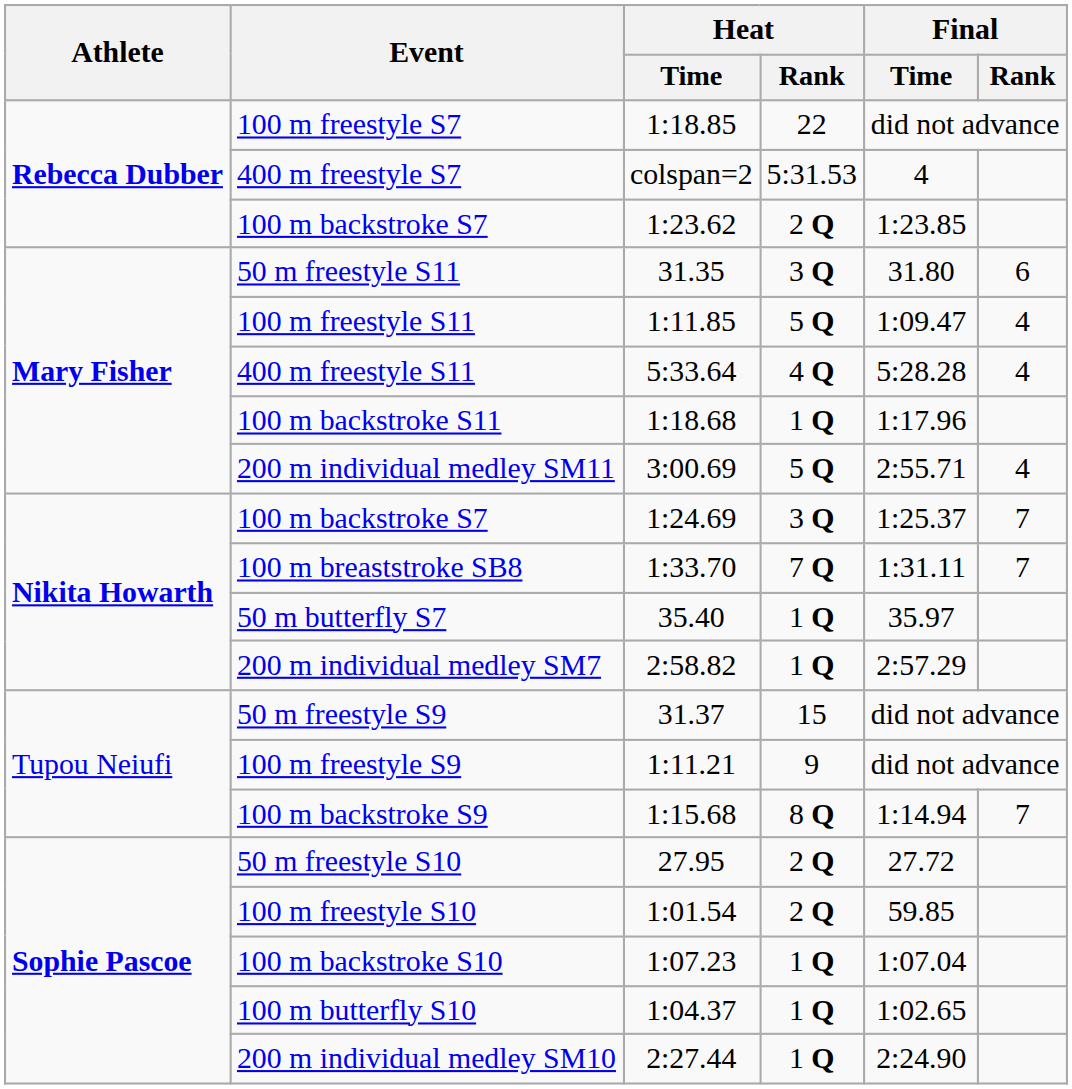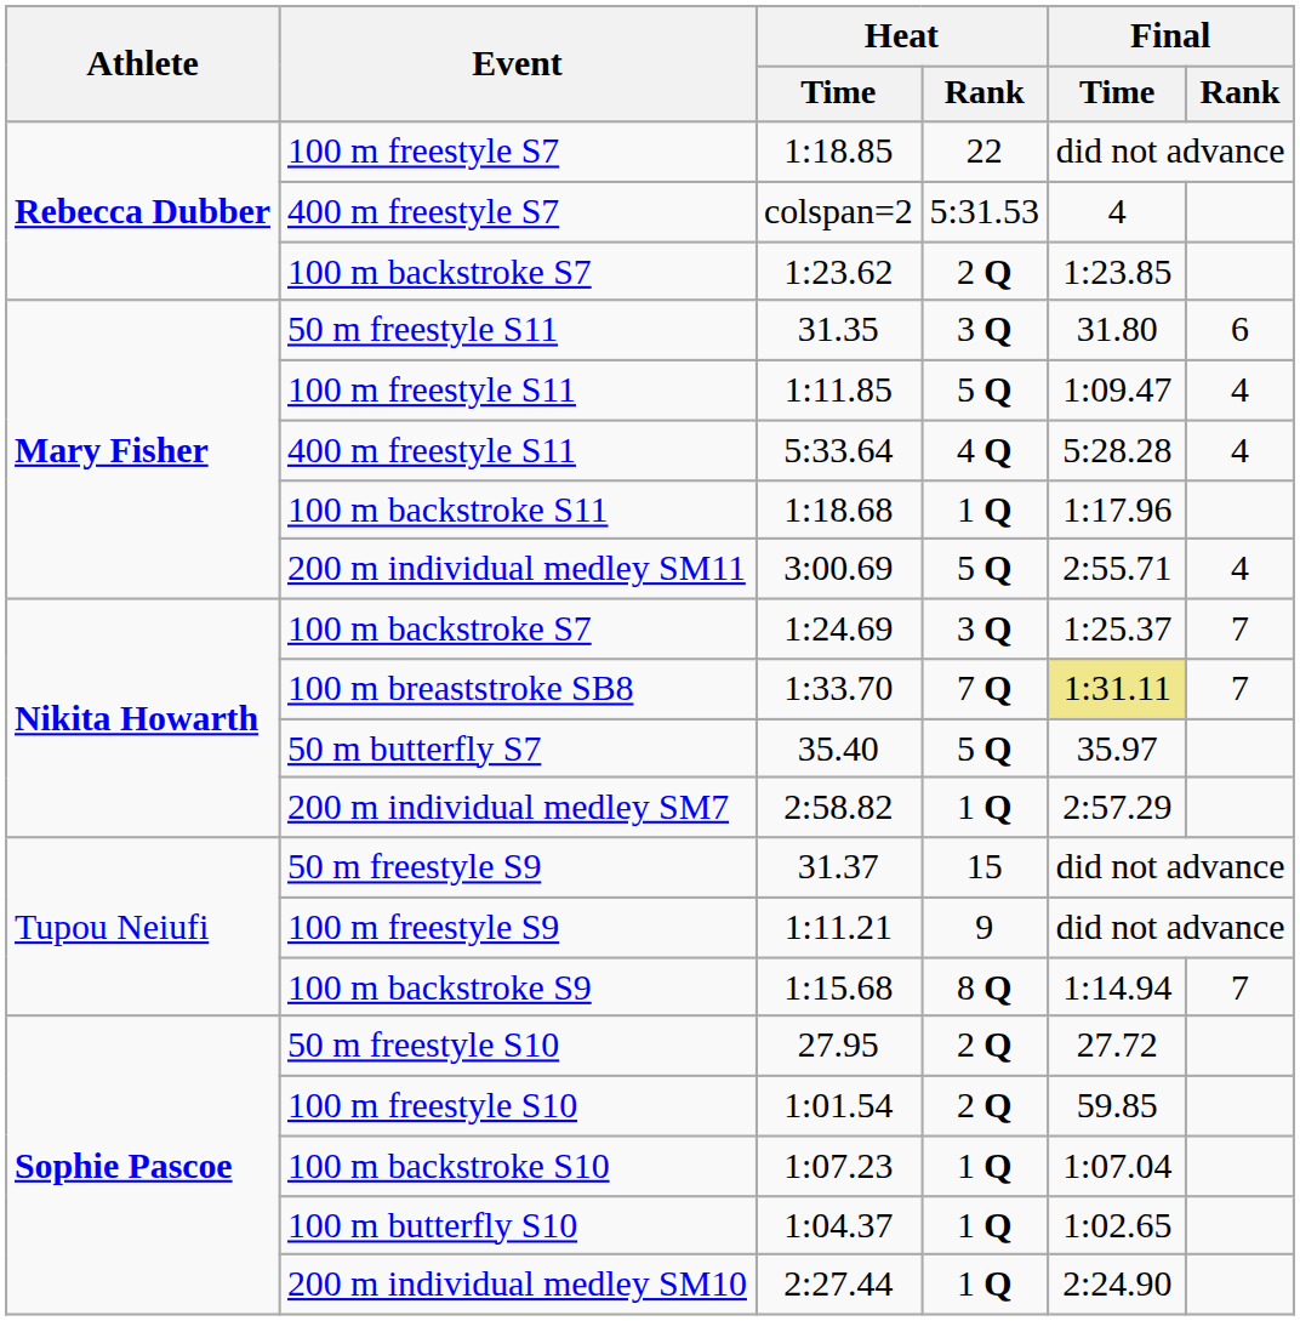 <table class=wikitable style="font-size:90%">
 <tr>
 <th rowspan="2">Athlete</th>
 <th rowspan="2">Event</th>
 <th colspan="2">Heat</th>
 <th colspan="2">Final</th>
 </tr>
 <tr style="font-size:95%">
 <th>Time</th>
 <th>Rank</th>
 <th>Time</th>
 <th>Rank</th>
 </tr>
 <tr align=center>
 <td align=left rowspan=3><strong><a href='#'>Rebecca Dubber</a></strong></td>
 <td align=left><a href='#'>100 m freestyle S7</a></td>
 <td>1:18.85</td>
 <td>22</td>
 <td colspan=2>did not advance</td>
 </tr>
 <tr align=center>
 <td align=left><a href='#'>400 m freestyle S7</a></td>
 <td>colspan=2 </td>
 <td>5:31.53</td>
 <td>4</td>
 </tr>
 <tr align=center>
 <td align=left><a href='#'>100 m backstroke S7</a></td>
 <td>1:23.62</td>
 <td>2 <strong>Q</strong></td>
 <td>1:23.85</td>
 <td></td>
 </tr>
 <tr align=center>
 <td align=left rowspan=5><strong><a href='#'>Mary Fisher</a></strong></td>
 <td align=left><a href='#'>50 m freestyle S11</a></td>
 <td>31.35</td>
 <td>3 <strong>Q</strong></td>
 <td>31.80</td>
 <td>6</td>
 </tr>
 <tr align=center>
 <td align=left><a href='#'>100 m freestyle S11</a></td>
 <td>1:11.85</td>
 <td>5 <strong>Q</strong></td>
 <td>1:09.47</td>
 <td>4</td>
 </tr>
 <tr align=center>
 <td align=left><a href='#'>400 m freestyle S11</a></td>
 <td>5:33.64</td>
 <td>4 <strong>Q</strong></td>
 <td>5:28.28</td>
 <td>4</td>
 </tr>
 <tr align=center>
 <td align=left><a href='#'>100 m backstroke S11</a></td>
 <td>1:18.68 <strong></strong></td>
 <td>1 <strong>Q</strong></td>
 <td>1:17.96 <strong></strong></td>
 <td></td>
 </tr>
 <tr align=center>
 <td align=left><a href='#'>200 m individual medley SM11</a></td>
 <td>3:00.69</td>
 <td>5 <strong>Q</strong></td>
 <td>2:55.71</td>
 <td>4</td>
 </tr>
 <tr align=center>
 <td align=left rowspan=4><strong><a href='#'>Nikita Howarth</a></strong></td>
 <td align=left><a href='#'>100 m backstroke S7</a></td>
 <td>1:24.69</td>
 <td>3 <strong>Q</strong></td>
 <td>1:25.37</td>
 <td>7</td>
 </tr>
 <tr align=center>
 <td align=left><a href='#'>100 m breaststroke SB8</a></td>
 <td>1:33.70</td>
 <td>7 <strong>Q</strong></td>
-<td>1:31.11</td>
+<td style="background: khaki;">1:31.11</td>
 <td>7</td>
 </tr>
 <tr align=center>
 <td align=left><a href='#'>50 m butterfly S7</a></td>
 <td>35.40</td>
-<td>1 <strong>Q</strong></td>
+<td>5 <strong>Q</strong></td>
 <td>35.97</td>
 <td></td>
 </tr>
 <tr align=center>
 <td align=left><a href='#'>200 m individual medley SM7</a></td>
 <td>2:58.82</td>
 <td>1 <strong>Q</strong></td>
 <td>2:57.29</td>
 <td></td>
 </tr>
 <tr align=center>
 <td align=left rowspan=3><a href='#'>Tupou Neiufi</a></td>
 <td align=left><a href='#'>50 m freestyle S9</a></td>
 <td>31.37</td>
 <td>15</td>
 <td colspan=2>did not advance</td>
 </tr>
 <tr align=center>
 <td align=left><a href='#'>100 m freestyle S9</a></td>
 <td>1:11.21</td>
 <td>9</td>
 <td colspan=2>did not advance</td>
 </tr>
 <tr align=center>
 <td align=left><a href='#'>100 m backstroke S9</a></td>
 <td>1:15.68</td>
 <td>8 <strong>Q</strong></td>
 <td>1:14.94</td>
 <td>7</td>
 </tr>
 <tr align=center>
 <td align=left rowspan=5><strong><a href='#'>Sophie Pascoe</a></strong></td>
 <td align=left><a href='#'>50 m freestyle S10</a></td>
 <td>27.95</td>
 <td>2 <strong>Q</strong></td>
 <td>27.72</td>
 <td></td>
 </tr>
 <tr align=center>
 <td align=left><a href='#'>100 m freestyle S10</a></td>
 <td>1:01.54</td>
 <td>2 <strong>Q</strong></td>
 <td>59.85</td>
 <td></td>
 </tr>
 <tr align=center>
 <td align=left><a href='#'>100 m backstroke S10</a></td>
 <td>1:07.23</td>
 <td>1 <strong>Q</strong></td>
 <td>1:07.04</td>
 <td></td>
 </tr>
 <tr align=center>
 <td align=left><a href='#'>100 m butterfly S10</a></td>
 <td>1:04.37 <strong></strong></td>
 <td>1 <strong>Q</strong></td>
 <td>1:02.65 <strong></strong></td>
 <td></td>
 </tr>
 <tr align=center>
 <td align=left><a href='#'>200 m individual medley SM10</a></td>
 <td>2:27.44</td>
 <td>1 <strong>Q</strong></td>
 <td>2:24.90 <strong></strong></td>
 <td></td>
 </tr>
 </table>
